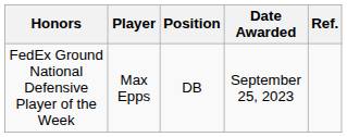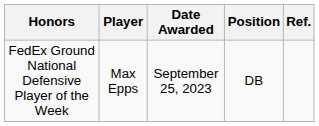 <table class="wikitable" style="width: 60%;text-align: center;">
 <tr>
 <th>Honors</th>
 <th>Player</th>
+<th>Date Awarded</th>
 <th>Position</th>
-<th>Date Awarded</th>
 <th>Ref.</th>
 </tr>
 <tr align="center">
 <td rowspan="1">FedEx Ground National Defensive Player of the Week</td>
 <td>Max Epps</td>
+<td>September 25, 2023</td>
 <td>DB</td>
-<td>September 25, 2023</td>
 <td></td>
 </tr>
 </table>
